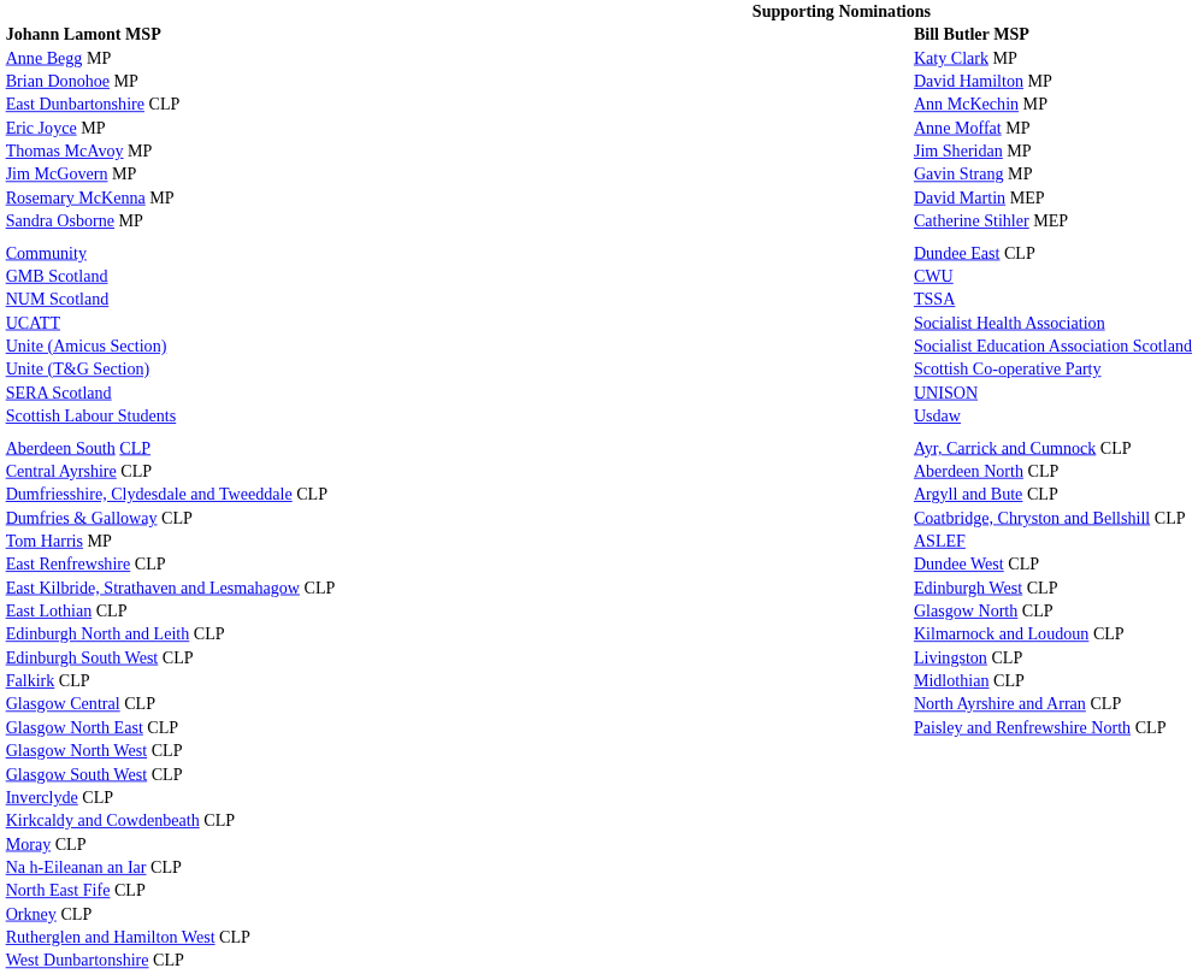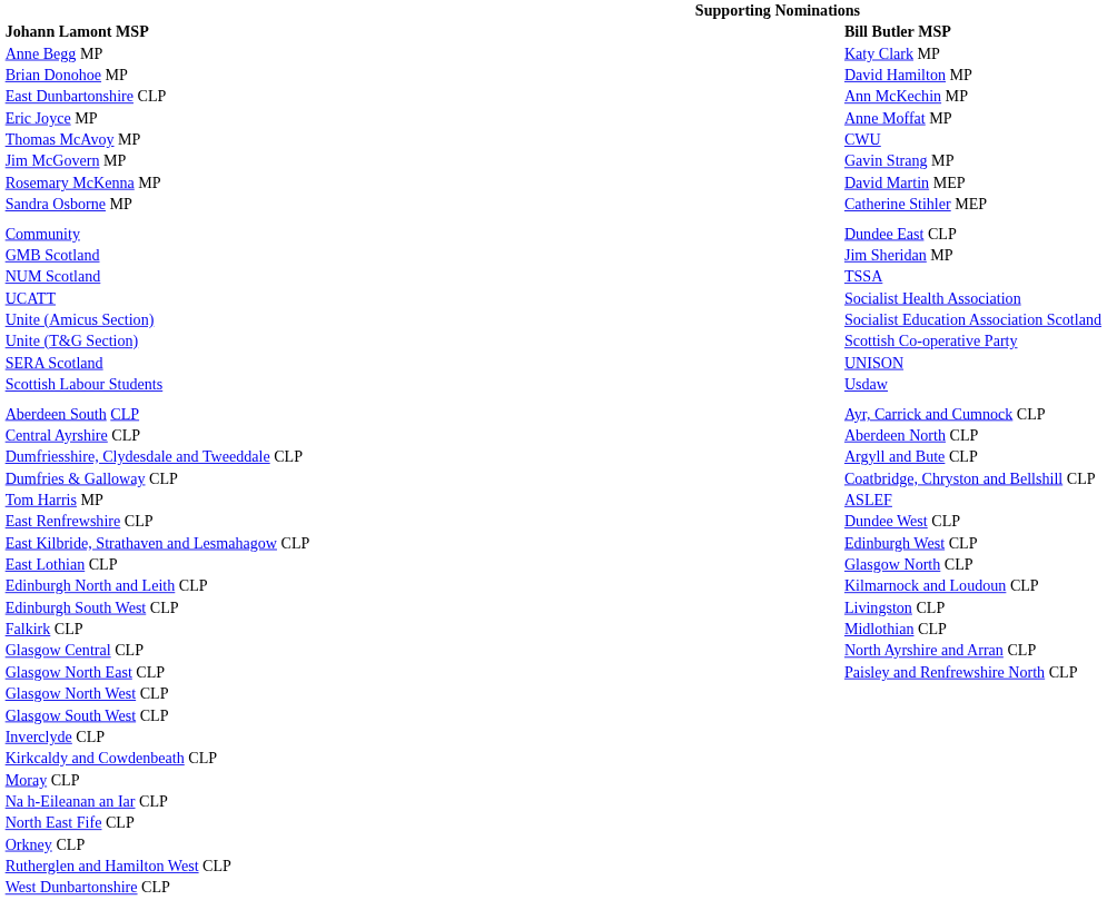 <table class=" collapsible collapsed" width="100%">
 <tr>
 <th colspan="2">Supporting Nominations</th>
 </tr>
 <tr>
 <td><strong>Johann Lamont MSP</strong></td>
 <td><strong>Bill Butler MSP</strong></td>
 </tr>
 <tr>
 <td><a href='#'>Anne Begg</a> MP</td>
 <td><a href='#'>Katy Clark</a> MP</td>
 </tr>
 <tr>
 <td><a href='#'>Brian Donohoe</a> MP</td>
 <td><a href='#'>David Hamilton</a> MP</td>
 </tr>
 <tr>
 <td><a href='#'>East Dunbartonshire</a> CLP</td>
 <td><a href='#'>Ann McKechin</a> MP</td>
 </tr>
 <tr>
 <td><a href='#'>Eric Joyce</a> MP</td>
 <td><a href='#'>Anne Moffat</a> MP</td>
 </tr>
 <tr>
 <td><a href='#'>Thomas McAvoy</a> MP</td>
-<td><a href='#'>Jim Sheridan</a> MP</td>
+<td><a href='#'>CWU</a></td>
 </tr>
 <tr>
 <td><a href='#'>Jim McGovern</a> MP</td>
 <td><a href='#'>Gavin Strang</a> MP</td>
 </tr>
 <tr>
 <td><a href='#'>Rosemary McKenna</a> MP</td>
 <td><a href='#'>David Martin</a> MEP</td>
 </tr>
 <tr>
 <td><a href='#'>Sandra Osborne</a> MP</td>
 <td><a href='#'>Catherine Stihler</a> MEP</td>
 </tr>
 <tr>
 <td></td>
 </tr>
 <tr>
 <td></td>
 </tr>
 <tr>
 <td><a href='#'>Community</a></td>
 <td><a href='#'>Dundee East</a> CLP</td>
 </tr>
 <tr>
 <td><a href='#'>GMB Scotland</a></td>
-<td><a href='#'>CWU</a></td>
+<td><a href='#'>Jim Sheridan</a> MP</td>
 </tr>
 <tr>
 <td><a href='#'>NUM Scotland</a></td>
 <td><a href='#'>TSSA</a></td>
 </tr>
 <tr>
 <td><a href='#'>UCATT</a></td>
 <td><a href='#'>Socialist Health Association</a></td>
 </tr>
 <tr>
 <td><a href='#'>Unite (Amicus Section)</a></td>
 <td><a href='#'>Socialist Education Association Scotland</a></td>
 </tr>
 <tr>
 <td><a href='#'>Unite (T&G Section)</a></td>
 <td><a href='#'>Scottish Co-operative Party</a></td>
 </tr>
 <tr>
 <td><a href='#'>SERA Scotland</a></td>
 <td><a href='#'>UNISON</a></td>
 </tr>
 <tr>
 <td><a href='#'>Scottish Labour Students</a></td>
 <td><a href='#'>Usdaw</a></td>
 </tr>
 <tr>
 <td></td>
 </tr>
 <tr>
 <td></td>
 </tr>
 <tr>
 <td><a href='#'>Aberdeen South</a> <a href='#'>CLP</a></td>
 <td><a href='#'>Ayr, Carrick and Cumnock</a> CLP</td>
 </tr>
 <tr>
 <td><a href='#'>Central Ayrshire</a> CLP</td>
 <td><a href='#'>Aberdeen North</a> CLP</td>
 </tr>
 <tr>
 <td><a href='#'>Dumfriesshire, Clydesdale and Tweeddale</a> CLP</td>
 <td><a href='#'>Argyll and Bute</a> CLP</td>
 </tr>
 <tr>
 <td><a href='#'>Dumfries & Galloway</a> CLP</td>
 <td><a href='#'>Coatbridge, Chryston and Bellshill</a> CLP</td>
 </tr>
 <tr>
 <td><a href='#'>Tom Harris</a> MP</td>
 <td><a href='#'>ASLEF</a></td>
 </tr>
 <tr>
 <td><a href='#'>East Renfrewshire</a> CLP</td>
 <td><a href='#'>Dundee West</a> CLP</td>
 </tr>
 <tr>
 <td><a href='#'>East Kilbride, Strathaven and Lesmahagow</a> CLP</td>
 <td><a href='#'>Edinburgh West</a> CLP</td>
 </tr>
 <tr>
 <td><a href='#'>East Lothian</a> CLP</td>
 <td><a href='#'>Glasgow North</a> CLP</td>
 </tr>
 <tr>
 <td><a href='#'>Edinburgh North and Leith</a> CLP</td>
 <td><a href='#'>Kilmarnock and Loudoun</a> CLP</td>
 </tr>
 <tr>
 <td><a href='#'>Edinburgh South West</a> CLP</td>
 <td><a href='#'>Livingston</a> CLP</td>
 </tr>
 <tr>
 <td><a href='#'>Falkirk</a> CLP</td>
 <td><a href='#'>Midlothian</a> CLP</td>
 </tr>
 <tr>
 <td><a href='#'>Glasgow Central</a> CLP</td>
 <td><a href='#'>North Ayrshire and Arran</a> CLP</td>
 </tr>
 <tr>
 <td><a href='#'>Glasgow North East</a> CLP</td>
 <td><a href='#'>Paisley and Renfrewshire North</a> CLP</td>
 </tr>
 <tr>
 <td><a href='#'>Glasgow North West</a> CLP</td>
 <td></td>
 </tr>
 <tr>
 <td><a href='#'>Glasgow South West</a> CLP</td>
 <td></td>
 </tr>
 <tr>
 <td><a href='#'>Inverclyde</a> CLP</td>
 <td></td>
 </tr>
 <tr>
 <td><a href='#'>Kirkcaldy and Cowdenbeath</a> CLP</td>
 <td></td>
 </tr>
 <tr>
 <td><a href='#'>Moray</a> CLP</td>
 <td></td>
 </tr>
 <tr>
 <td><a href='#'>Na h-Eileanan an Iar</a> CLP</td>
 <td></td>
 </tr>
 <tr>
 <td><a href='#'>North East Fife</a> CLP</td>
 </tr>
 <tr>
 <td><a href='#'>Orkney</a> CLP</td>
 </tr>
 <tr>
 <td><a href='#'>Rutherglen and Hamilton West</a> CLP</td>
 </tr>
 <tr>
 <td><a href='#'>West Dunbartonshire</a> CLP</td>
 </tr>
 </table>
